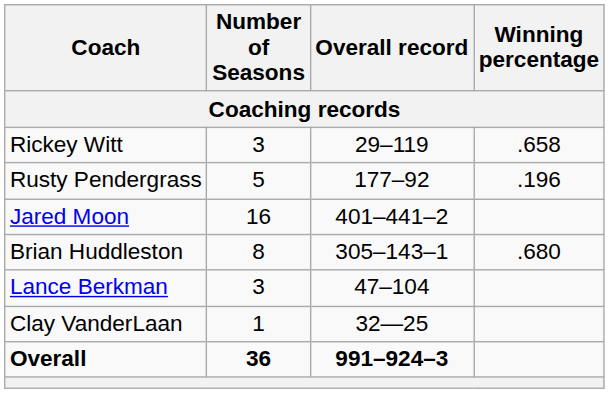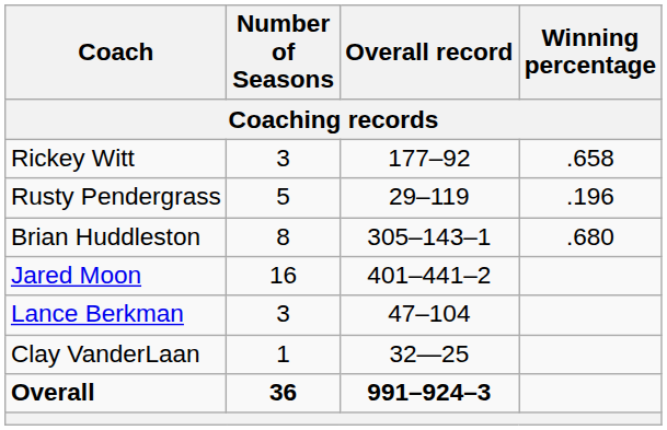 <table class="wikitable">
 <tr>
 <th>Coach</th>
 <th>Number<br>of<br> Seasons</th>
 <th>Overall record</th>
 <th>Winning<br> percentage</th>
 </tr>
 <tr>
 <th colspan=4>Coaching records</th>
 </tr>
 <tr>
 <td>Rickey Witt</td>
 <td style="text-align:center;">3</td>
-<td style="text-align:center;">29–119</td>
+<td style="text-align:center;">177–92</td>
 <td style="text-align:center;">.658</td>
 </tr>
 <tr>
 <td>Rusty Pendergrass</td>
 <td style="text-align:center;">5</td>
-<td style="text-align:center;">177–92</td>
+<td style="text-align:center;">29–119</td>
 <td style="text-align:center;">.196</td>
+</tr>
+<tr>
+<td>Brian Huddleston</td>
+<td style="text-align:center;">8</td>
+<td style="text-align:center;">305–143–1</td>
+<td style="text-align:center;">.680</td>
 </tr>
 <tr>
 <td><a href='#'>Jared Moon</a></td>
 <td style="text-align:center;">16</td>
 <td style="text-align:center;">401–441–2</td>
 <td style="text-align:center;"></td>
-</tr>
-<tr>
-<td>Brian Huddleston</td>
-<td style="text-align:center;">8</td>
-<td style="text-align:center;">305–143–1</td>
-<td style="text-align:center;">.680</td>
 </tr>
 <tr>
 <td><a href='#'>Lance Berkman</a></td>
 <td style="text-align:center;">3</td>
 <td style="text-align:center;">47–104</td>
 <td style="text-align:center;"></td>
 </tr>
 <tr>
 <td>Clay VanderLaan</td>
 <td style="text-align:center;">1</td>
 <td style="text-align:center;">32—25</td>
 <td style="text-align:center;"></td>
 </tr>
 <tr>
 <td><strong>Overall</strong></td>
 <td style="text-align:center;"><strong>36</strong></td>
 <td style="text-align:center;"><strong>991–924–3</strong></td>
 <td style="text-align:center;"><strong></strong></td>
 </tr>
 <tr>
 <th colspan=4></th>
 </tr>
 </table>
